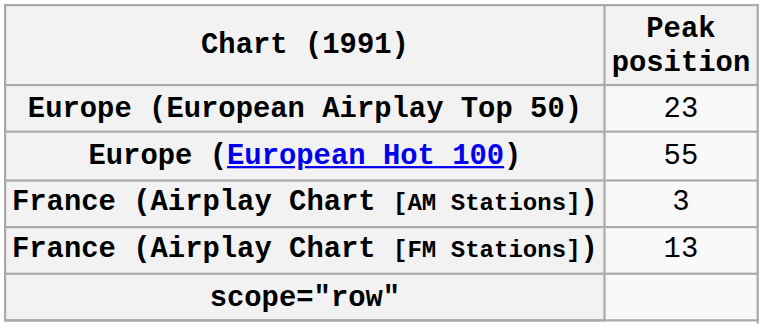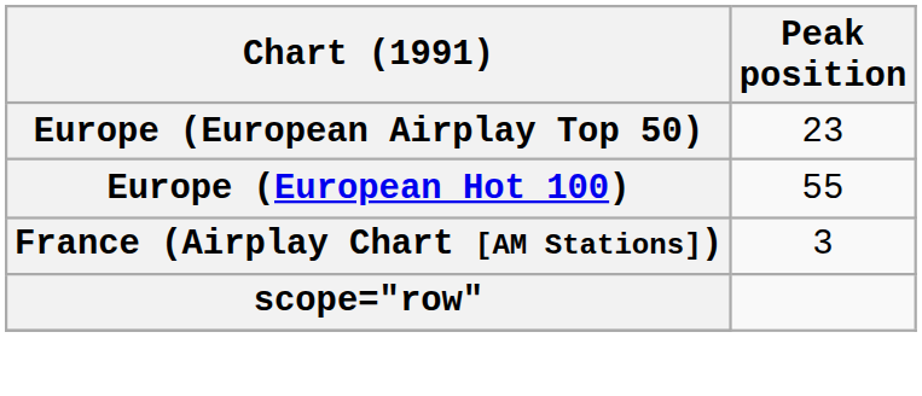 <table class="wikitable sortable plainrowheaders">
 <tr>
 <th>Chart (1991)</th>
 <th>Peak<br>position</th>
 </tr>
 <tr>
 <th scope="row">Europe (European Airplay Top 50)</th>
 <td align="center">23</td>
 </tr>
 <tr>
 <th scope="row">Europe (<a href='#'>European Hot 100</a>)</th>
 <td align="center">55</td>
 </tr>
 <tr>
 <th scope="row">France (Airplay Chart <small>[AM Stations]</small>)</th>
 <td align="center">3</td>
 </tr>
 <tr>
-<th scope="row">France (Airplay Chart <small>[FM Stations]</small>)</th>
-<td align="center">13</td>
-</tr>
-<tr>
 <th>scope="row"</th>
 </tr>
 <tr>
 </tr>
 </table>
